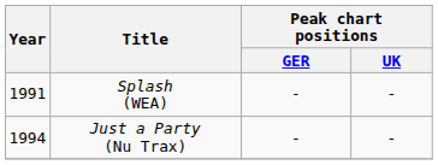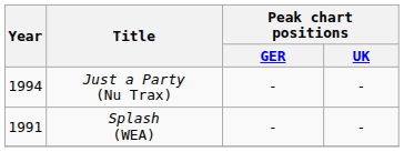 <table class="wikitable plainrowheaders" style="text-align:center;">
 <tr>
 <th scope="col" rowspan="2">Year</th>
 <th scope="col" rowspan="2" style="width:12em;">Title</th>
 <th scope="col" colspan="2" style="width:12em;">Peak chart positions</th>
 </tr>
 <tr>
 <th scope="col"><a href='#'>GER</a></th>
 <th scope="col"><a href='#'>UK</a></th>
 </tr>
 <tr>
+<td>1994</td>
+<td><em>Just a Party</em><br>(Nu Trax)</td>
+<td>-</td>
+<td>-</td>
+</tr>
+<tr>
 <td>1991</td>
 <td><em>Splash</em><br>(WEA)</td>
 <td>-</td>
 <td>-</td>
 </tr>
 <tr>
-<td>1994</td>
-<td><em>Just a Party</em><br>(Nu Trax)</td>
-<td>-</td>
-<td>-</td>
-</tr>
-<tr>
 </tr>
 </table>
